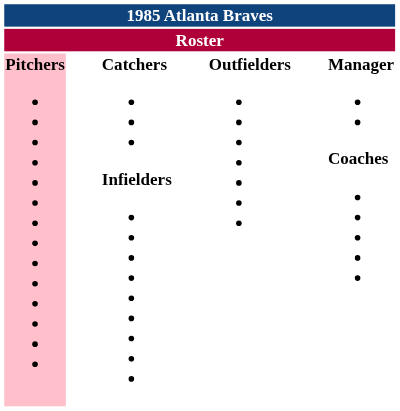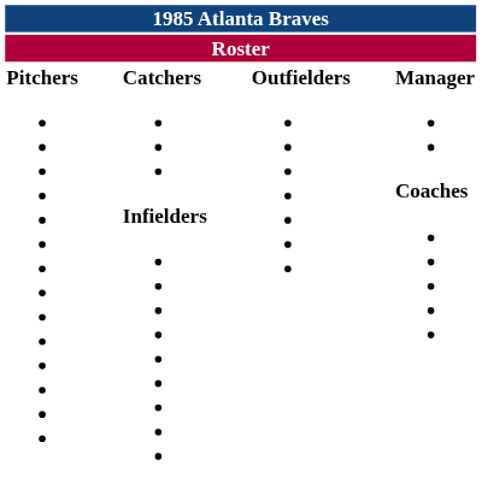 <table class="toccolours" style="font-size: 95%;">
 <tr>
 <th colspan="10" style="background-color: #0f437c; color: #FFFFFF; text-align: center;">1985 Atlanta Braves</th>
 </tr>
 <tr>
 <td colspan="10" style="background-color: #af0039; color: white; text-align: center;"><strong>Roster</strong></td>
 </tr>
 <tr>
-<td valign="top" style="background: pink;"><strong>Pitchers</strong><br><ul><li></li><li></li><li></li><li></li><li></li><li></li><li></li><li></li><li></li><li></li><li></li><li></li><li></li><li></li></ul></td>
+<td valign="top"><strong>Pitchers</strong><br><ul><li></li><li></li><li></li><li></li><li></li><li></li><li></li><li></li><li></li><li></li><li></li><li></li><li></li><li></li></ul></td>
 <td width="25px"></td>
 <td valign="top"><strong>Catchers</strong><br><ul><li></li><li></li><li></li></ul><strong>Infielders</strong><ul><li></li><li></li><li></li><li></li><li></li><li></li><li></li><li></li><li></li></ul></td>
 <td width="25px"></td>
 <td valign="top"><strong>Outfielders</strong><br><ul><li></li><li></li><li></li><li></li><li></li><li></li><li></li></ul></td>
 <td width="25px"></td>
 <td valign="top"><strong>Manager</strong><br><ul><li></li><li></li></ul><strong>Coaches</strong><ul><li></li><li></li><li></li><li></li><li></li></ul></td>
 </tr>
 </table>
